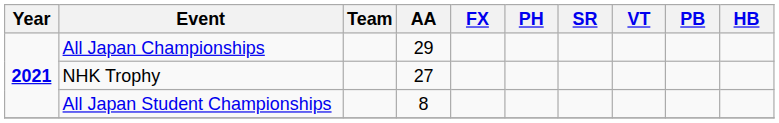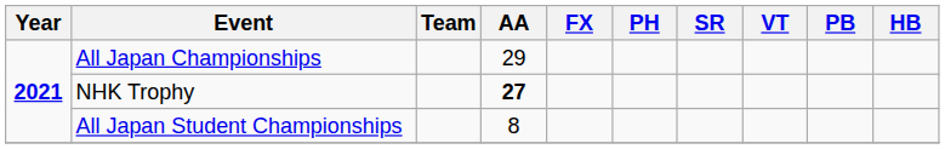 <table class="wikitable sortable" style="text-align:center; font-size:95%;">
 <tr>
 <th width=7% class=unsortable>Year</th>
 <th width=37% class=unsortable>Event</th>
 <th width=7% class=unsortable>Team</th>
 <th width=7% class=unsortable>AA</th>
 <th width=7% class=unsortable><a href='#'>FX</a></th>
 <th width=7% class=unsortable><a href='#'>PH</a></th>
 <th width=7% class=unsortable><a href='#'>SR</a></th>
 <th width=7% class=unsortable><a href='#'>VT</a></th>
 <th width=7% class=unsortable><a href='#'>PB</a></th>
 <th width=7% class=unsortable><a href='#'>HB</a></th>
 </tr>
 <tr>
 <td rowspan="3"><strong><a href='#'>2021</a></strong></td>
 <td align=left><a href='#'>All Japan Championships</a></td>
 <td></td>
 <td>29</td>
 <td></td>
 <td></td>
 <td></td>
 <td></td>
 <td></td>
 <td></td>
 </tr>
 <tr>
 <td align=left>NHK Trophy</td>
 <td></td>
-<td>27</td>
+<td><strong>27</strong></td>
 <td></td>
 <td></td>
 <td></td>
 <td></td>
 <td></td>
 <td></td>
 </tr>
 <tr>
 <td align=left><a href='#'>All Japan Student Championships</a></td>
 <td></td>
 <td>8</td>
 <td></td>
 <td></td>
 <td></td>
 <td></td>
 <td></td>
 <td></td>
 </tr>
 <tr>
 </tr>
 </table>
